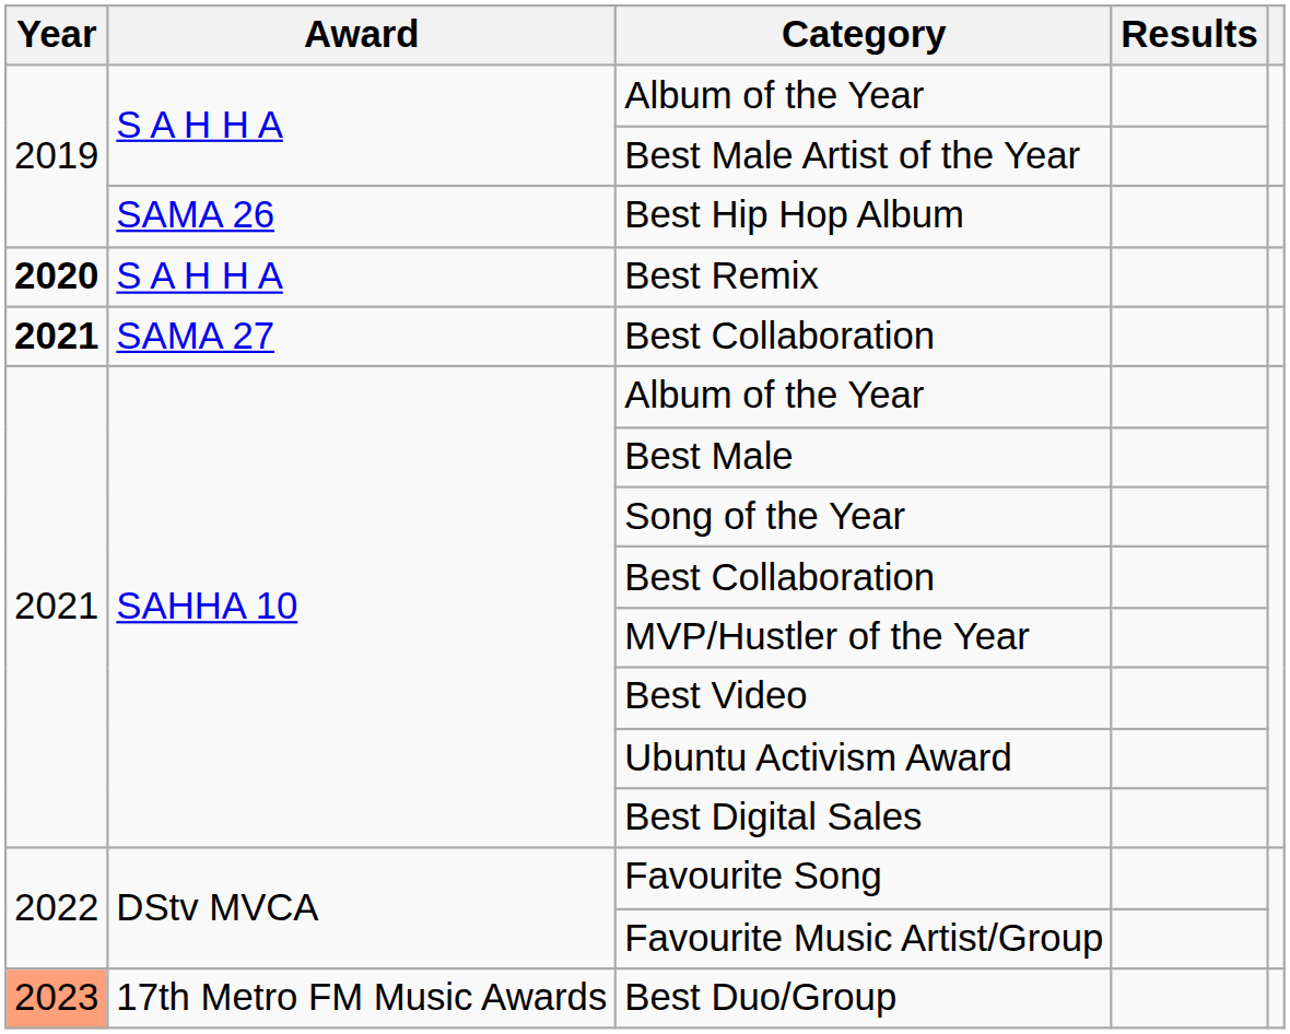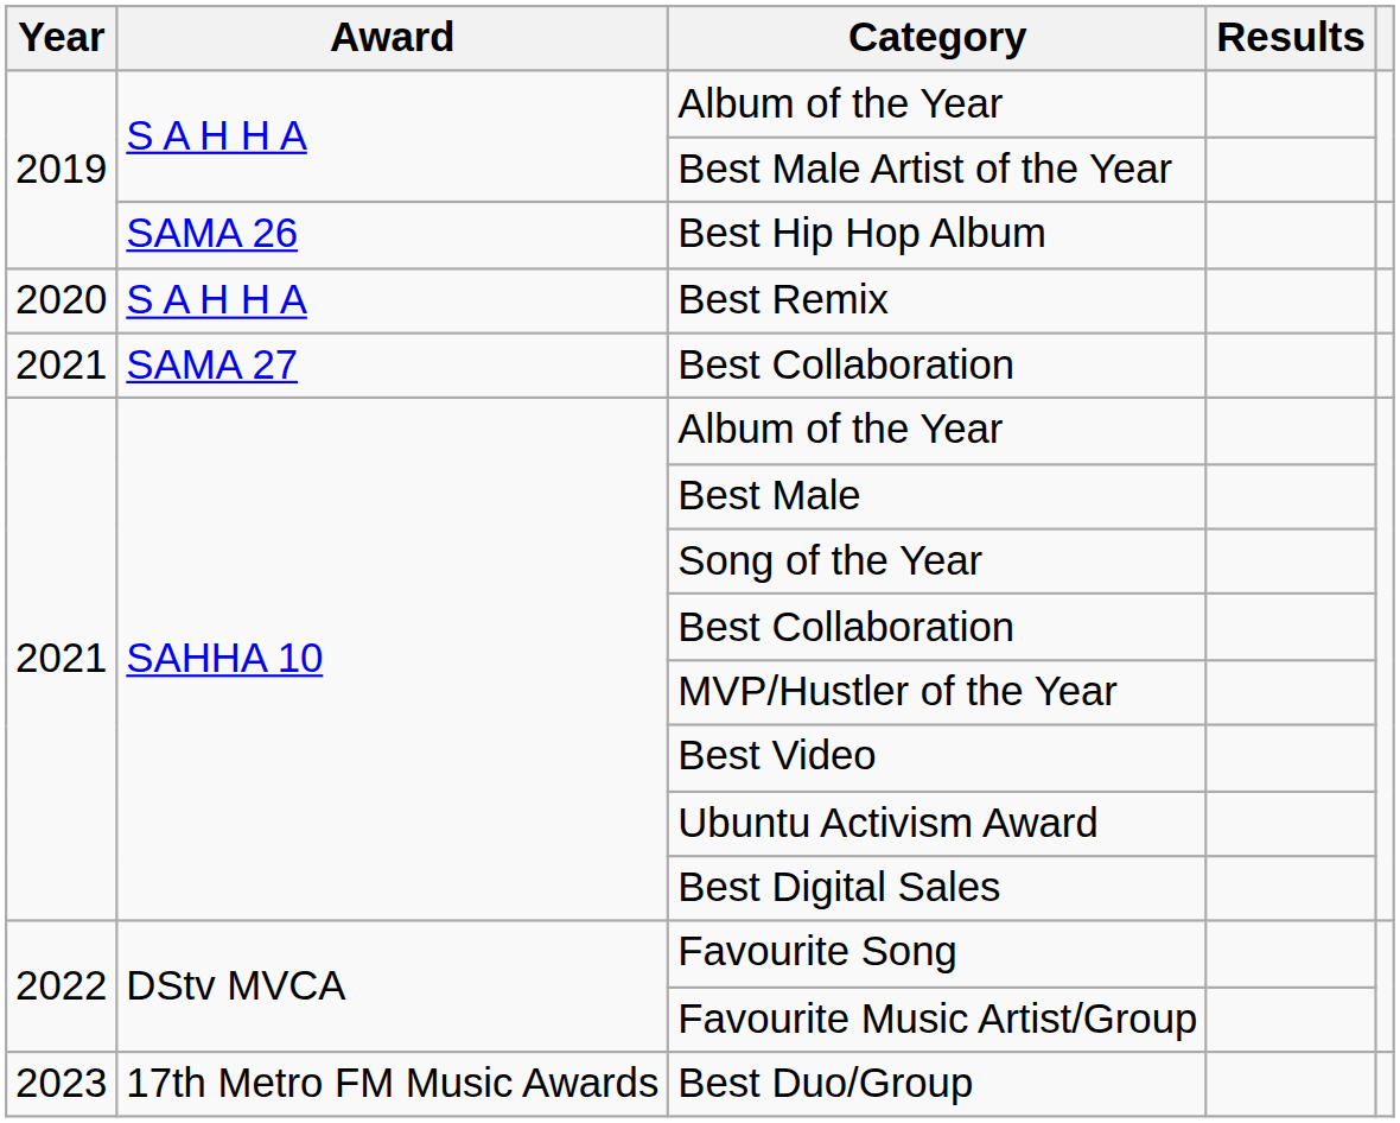 <table class="wikitable">
 <tr>
 <th>Year</th>
 <th>Award</th>
 <th>Category</th>
 <th>Results</th>
 <th></th>
 </tr>
 <tr>
 <td rowspan="3">2019</td>
 <td rowspan="2"><a href='#'>S A H H A</a></td>
 <td>Album of the Year</td>
 <td></td>
 <td rowspan="2"></td>
 </tr>
 <tr>
 <td>Best Male Artist of the Year</td>
 <td></td>
 </tr>
 <tr>
 <td><a href='#'>SAMA 26</a></td>
 <td>Best Hip Hop Album</td>
 <td></td>
 <td></td>
 </tr>
 <tr>
-<td><strong>2020</strong></td>
+<td>2020</td>
 <td><a href='#'>S A H H A</a></td>
 <td>Best Remix</td>
 <td></td>
 <td></td>
 </tr>
 <tr>
-<td><strong>2021</strong></td>
+<td>2021</td>
 <td><a href='#'>SAMA 27</a></td>
 <td>Best Collaboration</td>
 <td></td>
 <td></td>
 </tr>
 <tr>
 <td rowspan="8">2021</td>
 <td rowspan="8"><a href='#'>SAHHA 10</a></td>
 <td>Album of the Year</td>
 <td></td>
 <td rowspan="8"></td>
 </tr>
 <tr>
 <td>Best Male</td>
 <td></td>
 </tr>
 <tr>
 <td>Song of the Year</td>
 <td></td>
 </tr>
 <tr>
 <td>Best Collaboration</td>
 <td></td>
 </tr>
 <tr>
 <td>MVP/Hustler of the Year</td>
 <td></td>
 </tr>
 <tr>
 <td>Best Video</td>
 <td></td>
 </tr>
 <tr>
 <td>Ubuntu Activism Award</td>
 <td></td>
 </tr>
 <tr>
 <td>Best Digital Sales</td>
 <td></td>
 </tr>
 <tr>
 <td rowspan="2">2022</td>
 <td rowspan="2">DStv MVCA</td>
 <td>Favourite Song</td>
 <td></td>
 <td rowspan="2"></td>
 </tr>
 <tr>
 <td>Favourite Music Artist/Group</td>
 <td></td>
 </tr>
 <tr>
-<td style="background: lightsalmon;">2023</td>
+<td>2023</td>
 <td>17th Metro FM Music Awards</td>
 <td>Best Duo/Group</td>
 <td></td>
 <td></td>
 </tr>
 </table>
